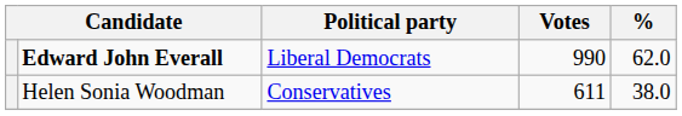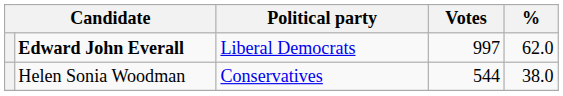 <table class="wikitable">
 <tr>
 <th valign=top colspan="2" style="width: 180px">Candidate</th>
 <th valign=top style="width: 180px">Political party</th>
 <th valign=top style="width: 60px">Votes</th>
 <th valign=top style="width: 40px">%</th>
 </tr>
 <tr>
 <th style="background-color: "></th>
 <td><strong>Edward John Everall</strong></td>
 <td><a href='#'>Liberal Democrats</a></td>
-<td align="right">990</td>
+<td align="right">997</td>
 <td align="right">62.0</td>
 </tr>
 <tr>
 <th style="background-color: "></th>
 <td>Helen Sonia Woodman</td>
 <td><a href='#'>Conservatives</a></td>
-<td align="right">611</td>
+<td align="right">544</td>
 <td align="right">38.0</td>
 </tr>
 <tr>
 </tr>
 </table>
